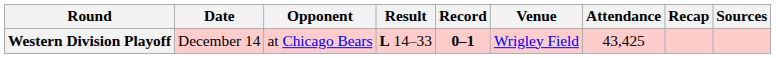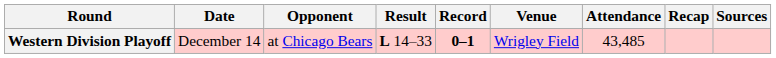 <table class="wikitable" style="text-align:center">
 <tr>
 <th>Round</th>
 <th>Date</th>
 <th>Opponent</th>
 <th>Result</th>
 <th>Record</th>
 <th>Venue</th>
 <th>Attendance</th>
 <th>Recap</th>
 <th>Sources</th>
 </tr>
 <tr style="background:#fcc">
 <th>Western Division Playoff</th>
 <td>December 14</td>
 <td>at <a href='#'>Chicago Bears</a></td>
 <td><strong>L</strong> 14–33</td>
 <td><strong>0–1</strong></td>
 <td><a href='#'>Wrigley Field</a></td>
-<td>43,425</td>
+<td>43,485</td>
 <td></td>
 <td></td>
 </tr>
 </table>
